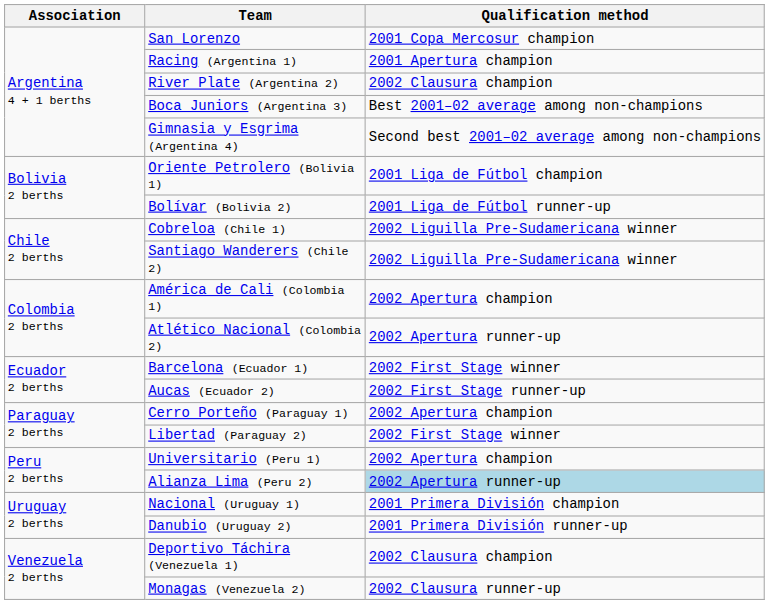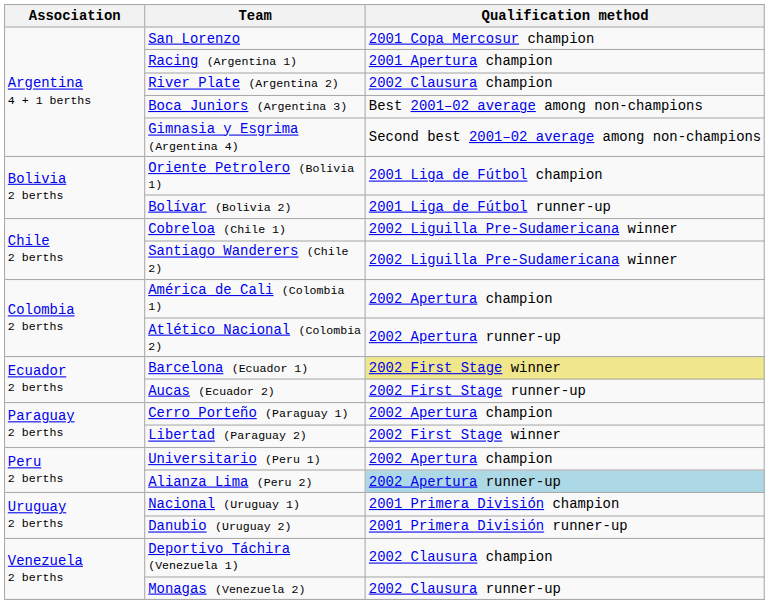 <table class="wikitable">
 <tr>
 <th width=125>Association</th>
 <th width=200>Team</th>
 <th>Qualification method</th>
 </tr>
 <tr>
 <td rowspan="5"> <a href='#'>Argentina</a><br><small>4 + 1 berths</small></td>
 <td><a href='#'>San Lorenzo</a></td>
 <td><a href='#'>2001 Copa Mercosur</a> champion</td>
 </tr>
 <tr>
 <td><a href='#'>Racing</a> <small>(Argentina 1)</small></td>
 <td><a href='#'>2001 Apertura</a> champion</td>
 </tr>
 <tr>
 <td><a href='#'>River Plate</a> <small>(Argentina 2)</small></td>
 <td><a href='#'>2002 Clausura</a> champion</td>
 </tr>
 <tr>
 <td><a href='#'>Boca Juniors</a> <small>(Argentina 3)</small></td>
 <td>Best <a href='#'>2001–02 average</a> among non-champions</td>
 </tr>
 <tr>
 <td><a href='#'>Gimnasia y Esgrima</a> <small>(Argentina 4)</small></td>
 <td>Second best <a href='#'>2001–02 average</a> among non-champions</td>
 </tr>
 <tr>
 <td rowspan="2"> <a href='#'>Bolivia</a><br><small>2 berths</small></td>
 <td><a href='#'>Oriente Petrolero</a> <small>(Bolivia 1)</small></td>
 <td><a href='#'>2001 Liga de Fútbol</a> champion</td>
 </tr>
 <tr>
 <td><a href='#'>Bolívar</a> <small>(Bolivia 2)</small></td>
 <td><a href='#'>2001 Liga de Fútbol</a> runner-up</td>
 </tr>
 <tr>
 <td rowspan="2"> <a href='#'>Chile</a><br><small>2 berths</small></td>
 <td><a href='#'>Cobreloa</a> <small>(Chile 1)</small></td>
 <td><a href='#'>2002 Liguilla Pre-Sudamericana</a> winner</td>
 </tr>
 <tr>
 <td><a href='#'>Santiago Wanderers</a> <small>(Chile 2)</small></td>
 <td><a href='#'>2002 Liguilla Pre-Sudamericana</a> winner</td>
 </tr>
 <tr>
 <td rowspan="2"> <a href='#'>Colombia</a><br><small>2 berths</small></td>
 <td><a href='#'>América de Cali</a> <small>(Colombia 1)</small></td>
 <td><a href='#'>2002 Apertura</a> champion</td>
 </tr>
 <tr>
 <td><a href='#'>Atlético Nacional</a> <small>(Colombia 2)</small></td>
 <td><a href='#'>2002 Apertura</a> runner-up</td>
 </tr>
 <tr>
 <td rowspan="2"> <a href='#'>Ecuador</a><br><small>2 berths</small></td>
 <td><a href='#'>Barcelona</a> <small>(Ecuador 1)</small></td>
-<td><a href='#'>2002 First Stage</a> winner</td>
+<td style="background: khaki;"><a href='#'>2002 First Stage</a> winner</td>
 </tr>
 <tr>
 <td><a href='#'>Aucas</a> <small>(Ecuador 2)</small></td>
 <td><a href='#'>2002 First Stage</a> runner-up</td>
 </tr>
 <tr>
 <td rowspan="2"> <a href='#'>Paraguay</a><br><small>2 berths</small></td>
 <td><a href='#'>Cerro Porteño</a> <small>(Paraguay 1)</small></td>
 <td><a href='#'>2002 Apertura</a> champion</td>
 </tr>
 <tr>
 <td><a href='#'>Libertad</a> <small>(Paraguay 2)</small></td>
 <td><a href='#'>2002 First Stage</a> winner</td>
 </tr>
 <tr>
 <td rowspan="2"> <a href='#'>Peru</a><br><small>2 berths</small></td>
 <td><a href='#'>Universitario</a> <small>(Peru 1)</small></td>
 <td><a href='#'>2002 Apertura</a> champion</td>
 </tr>
 <tr>
 <td><a href='#'>Alianza Lima</a> <small>(Peru 2)</small></td>
 <td style="background: lightblue;"><a href='#'>2002 Apertura</a> runner-up</td>
 </tr>
 <tr>
 <td rowspan="2"> <a href='#'>Uruguay</a><br><small>2 berths</small></td>
 <td><a href='#'>Nacional</a> <small>(Uruguay 1)</small></td>
 <td><a href='#'>2001 Primera División</a> champion</td>
 </tr>
 <tr>
 <td><a href='#'>Danubio</a> <small>(Uruguay 2)</small></td>
 <td><a href='#'>2001 Primera División</a> runner-up</td>
 </tr>
 <tr>
 <td rowspan="2"> <a href='#'>Venezuela</a><br><small>2 berths</small></td>
 <td><a href='#'>Deportivo Táchira</a> <small>(Venezuela 1)</small></td>
 <td><a href='#'>2002 Clausura</a> champion</td>
 </tr>
 <tr>
 <td><a href='#'>Monagas</a> <small>(Venezuela 2)</small></td>
 <td><a href='#'>2002 Clausura</a> runner-up</td>
 </tr>
 </table>
